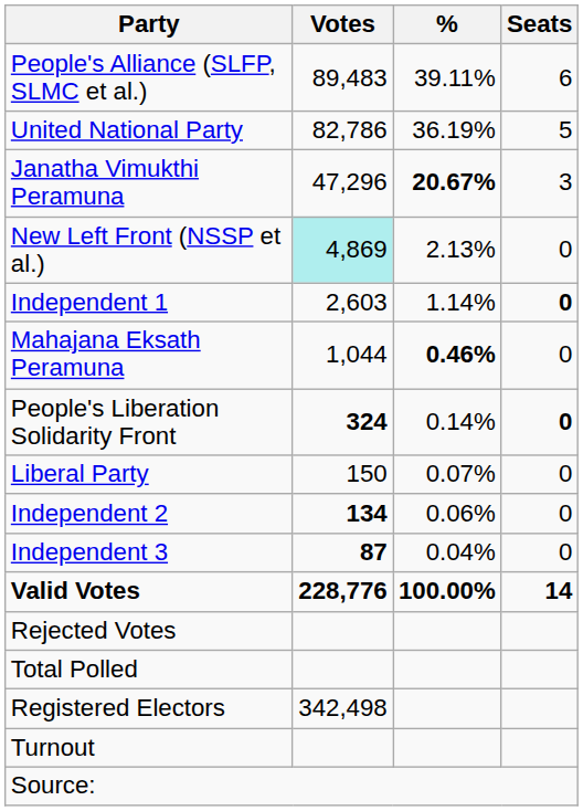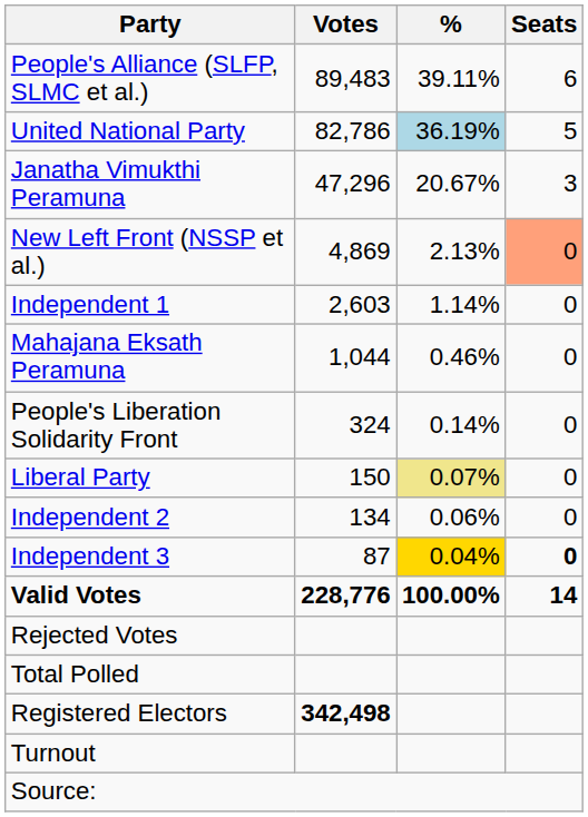 <table class="wikitable" style="text-align:right;">
 <tr>
 <th align=left width="180">Party</th>
 <th align=center width="50">Votes</th>
 <th align=center width="50">%</th>
 <th align=center width="40">Seats</th>
 </tr>
 <tr>
 <td align=left><a href='#'>People's Alliance</a> (<a href='#'>SLFP</a>, <a href='#'>SLMC</a> et al.)</td>
 <td>89,483</td>
 <td>39.11%</td>
 <td>6</td>
 </tr>
 <tr>
 <td align=left><a href='#'>United National Party</a></td>
 <td>82,786</td>
-<td>36.19%</td>
+<td style="background: lightblue;">36.19%</td>
 <td>5</td>
 </tr>
 <tr>
 <td align=left><a href='#'>Janatha Vimukthi Peramuna</a></td>
 <td>47,296</td>
-<td><strong>20.67%</strong></td>
+<td>20.67%</td>
 <td>3</td>
 </tr>
 <tr>
 <td align=left><a href='#'>New Left Front</a> (<a href='#'>NSSP</a> et al.)</td>
-<td style="background: paleturquoise;">4,869</td>
+<td>4,869</td>
 <td>2.13%</td>
-<td>0</td>
+<td style="background: lightsalmon;">0</td>
 </tr>
 <tr>
 <td align=left><a href='#'>Independent 1</a></td>
 <td>2,603</td>
 <td>1.14%</td>
-<td><strong>0</strong></td>
+<td>0</td>
 </tr>
 <tr>
 <td align=left><a href='#'>Mahajana Eksath Peramuna</a></td>
 <td>1,044</td>
-<td><strong>0.46%</strong></td>
+<td>0.46%</td>
 <td>0</td>
 </tr>
 <tr>
 <td align=left>People's Liberation Solidarity Front</td>
-<td><strong>324</strong></td>
+<td>324</td>
 <td>0.14%</td>
-<td><strong>0</strong></td>
+<td>0</td>
 </tr>
 <tr>
 <td align=left><a href='#'>Liberal Party</a></td>
 <td>150</td>
-<td>0.07%</td>
+<td style="background: khaki;">0.07%</td>
 <td>0</td>
 </tr>
 <tr>
 <td align=left><a href='#'>Independent 2</a></td>
-<td><strong>134</strong></td>
+<td>134</td>
 <td>0.06%</td>
 <td>0</td>
 </tr>
 <tr>
 <td align=left><a href='#'>Independent 3</a></td>
-<td><strong>87</strong></td>
-<td>0.04%</td>
-<td>0</td>
+<td>87</td>
+<td style="background: gold;">0.04%</td>
+<td><strong>0</strong></td>
 </tr>
 <tr>
 <td align=left><strong>Valid Votes</strong></td>
 <td><strong>228,776</strong></td>
 <td><strong>100.00%</strong></td>
 <td><strong>14</strong></td>
 </tr>
 <tr>
 <td align=left>Rejected Votes</td>
 <td></td>
 <td></td>
 <td></td>
 </tr>
 <tr>
 <td align=left>Total Polled</td>
 <td></td>
 <td></td>
 <td></td>
 </tr>
 <tr>
 <td align=left>Registered Electors</td>
-<td>342,498</td>
+<td><strong>342,498</strong></td>
 <td></td>
 <td></td>
 </tr>
 <tr>
 <td align=left>Turnout</td>
 <td></td>
 <td></td>
 <td></td>
 </tr>
 <tr>
 <td align=left colspan=4>Source:</td>
 </tr>
 </table>
